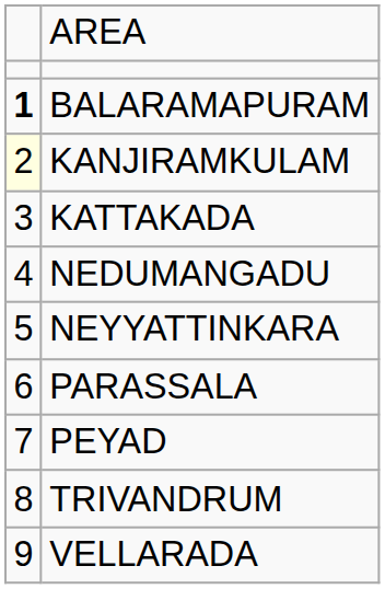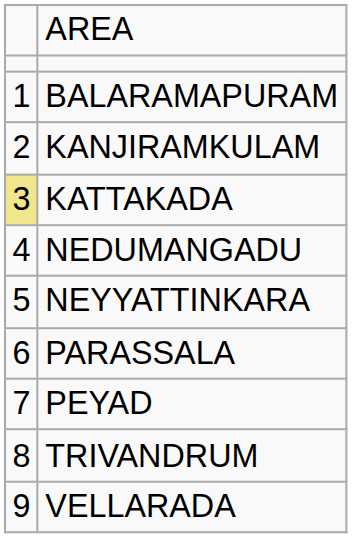 <table class="wikitable">
 <tr>
 <td></td>
 <td>AREA</td>
 </tr>
 <tr>
 <td></td>
 <td></td>
 </tr>
 <tr>
-<td><strong>1</strong></td>
+<td>1</td>
 <td>BALARAMAPURAM</td>
 </tr>
 <tr>
-<td style="background: lightyellow;">2</td>
+<td>2</td>
 <td>KANJIRAMKULAM</td>
 </tr>
 <tr>
-<td>3</td>
+<td style="background: khaki;">3</td>
 <td>KATTAKADA</td>
 </tr>
 <tr>
 <td>4</td>
 <td>NEDUMANGADU</td>
 </tr>
 <tr>
 <td>5</td>
 <td>NEYYATTINKARA</td>
 </tr>
 <tr>
 <td>6</td>
 <td>PARASSALA</td>
 </tr>
 <tr>
 <td>7</td>
 <td>PEYAD</td>
 </tr>
 <tr>
 <td>8</td>
 <td>TRIVANDRUM</td>
 </tr>
 <tr>
 <td>9</td>
 <td>VELLARADA</td>
 </tr>
 </table>
